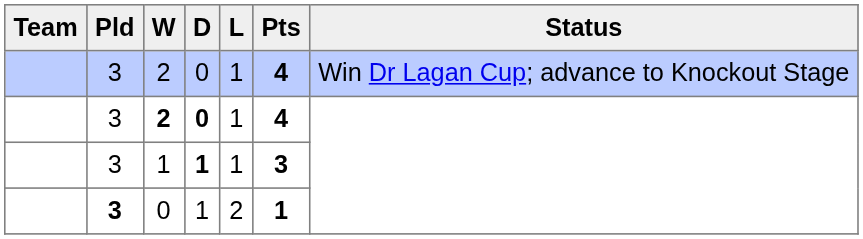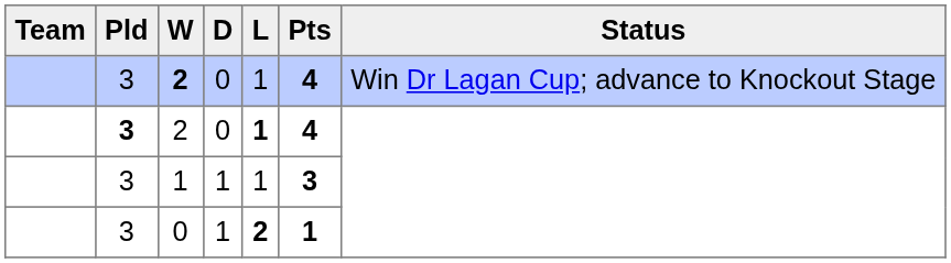 <table style=border-collapse:collapse border=1 cellspacing=0 cellpadding=5>
 <tr align=center bgcolor=#efefef>
 <th>Team</th>
 <th>Pld</th>
 <th>W</th>
 <th>D</th>
 <th>L</th>
 <th>Pts</th>
 <th>Status</th>
 </tr>
 <tr align=center style="background:#bbccff;">
 <td style="text-align:left;"> </td>
 <td>3</td>
-<td>2</td>
+<td><strong>2</strong></td>
 <td>0</td>
 <td>1</td>
 <td><strong>4</strong></td>
 <td rowspan=1>Win <a href='#'>Dr Lagan Cup</a>; advance to Knockout Stage</td>
 </tr>
 <tr align=center style="background:#FFFFFF;">
 <td style="text-align:left;"> </td>
-<td>3</td>
-<td><strong>2</strong></td>
-<td><strong>0</strong></td>
-<td>1</td>
+<td><strong>3</strong></td>
+<td>2</td>
+<td>0</td>
+<td><strong>1</strong></td>
 <td><strong>4</strong></td>
 <td rowspan=3></td>
 </tr>
 <tr align=center style="background:#FFFFFF;">
 <td style="text-align:left;"> </td>
 <td>3</td>
 <td>1</td>
-<td><strong>1</strong></td>
+<td>1</td>
 <td>1</td>
 <td><strong>3</strong></td>
 </tr>
 <tr align=center style="background:#FFFFFF;">
 <td style="text-align:left;"> </td>
-<td><strong>3</strong></td>
+<td>3</td>
 <td>0</td>
 <td>1</td>
-<td>2</td>
+<td><strong>2</strong></td>
 <td><strong>1</strong></td>
 </tr>
 </table>
